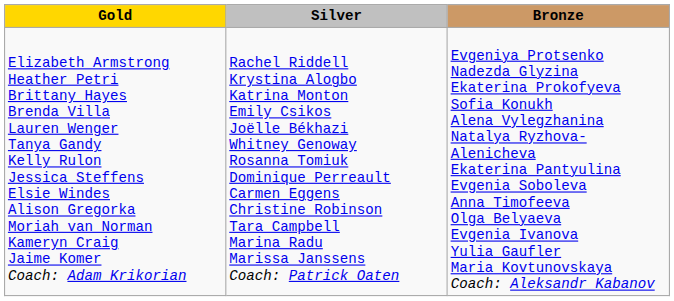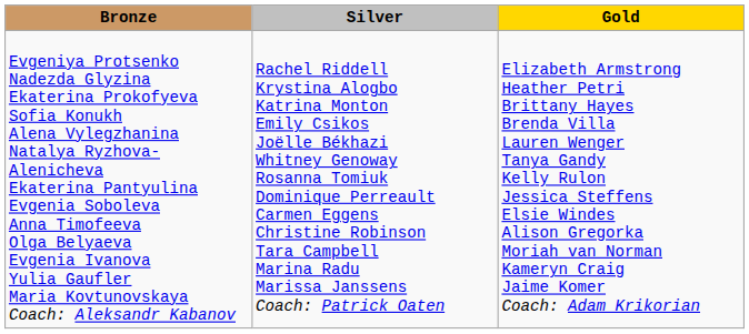 <table class="wikitable" style="text-align:left">
 <tr align="center">
+<td width=200 bgcolor=CC9966><strong>Bronze</strong></td>
+<td width=200 bgcolor=silver><strong>Silver</strong></td>
 <td width=200 bgcolor=gold><strong>Gold</strong></td>
-<td width=200 bgcolor=silver><strong>Silver</strong></td>
-<td width=200 bgcolor=CC9966><strong>Bronze</strong></td>
 </tr>
 <tr>
+<td><br><a href='#'>Evgeniya Protsenko</a><br><a href='#'>Nadezda Glyzina</a><br><a href='#'>Ekaterina Prokofyeva</a><br><a href='#'>Sofia Konukh</a><br><a href='#'>Alena Vylegzhanina</a><br><a href='#'>Natalya Ryzhova-Alenicheva</a><br><a href='#'>Ekaterina Pantyulina</a><br><a href='#'>Evgenia Soboleva</a><br><a href='#'>Anna Timofeeva</a><br><a href='#'>Olga Belyaeva</a><br><a href='#'>Evgenia Ivanova</a><br><a href='#'>Yulia Gaufler</a><br><a href='#'>Maria Kovtunovskaya</a><br><em>Coach: <a href='#'>Aleksandr Kabanov</a></em></td>
+<td><br><a href='#'>Rachel Riddell</a><br><a href='#'>Krystina Alogbo</a><br><a href='#'>Katrina Monton</a><br><a href='#'>Emily Csikos</a><br><a href='#'>Joëlle Békhazi</a><br><a href='#'>Whitney Genoway</a><br><a href='#'>Rosanna Tomiuk</a><br><a href='#'>Dominique Perreault</a><br><a href='#'>Carmen Eggens</a><br><a href='#'>Christine Robinson</a><br><a href='#'>Tara Campbell</a><br><a href='#'>Marina Radu</a><br><a href='#'>Marissa Janssens</a><br><em>Coach: <a href='#'>Patrick Oaten</a></em></td>
 <td><br><a href='#'>Elizabeth Armstrong</a><br><a href='#'>Heather Petri</a><br><a href='#'>Brittany Hayes</a><br><a href='#'>Brenda Villa</a><br><a href='#'>Lauren Wenger</a><br><a href='#'>Tanya Gandy</a><br><a href='#'>Kelly Rulon</a><br><a href='#'>Jessica Steffens</a><br><a href='#'>Elsie Windes</a><br><a href='#'>Alison Gregorka</a><br><a href='#'>Moriah van Norman</a><br><a href='#'>Kameryn Craig</a><br><a href='#'>Jaime Komer</a><br><em>Coach: <a href='#'>Adam Krikorian</a></em></td>
-<td><br><a href='#'>Rachel Riddell</a><br><a href='#'>Krystina Alogbo</a><br><a href='#'>Katrina Monton</a><br><a href='#'>Emily Csikos</a><br><a href='#'>Joëlle Békhazi</a><br><a href='#'>Whitney Genoway</a><br><a href='#'>Rosanna Tomiuk</a><br><a href='#'>Dominique Perreault</a><br><a href='#'>Carmen Eggens</a><br><a href='#'>Christine Robinson</a><br><a href='#'>Tara Campbell</a><br><a href='#'>Marina Radu</a><br><a href='#'>Marissa Janssens</a><br><em>Coach: <a href='#'>Patrick Oaten</a></em></td>
-<td><br><a href='#'>Evgeniya Protsenko</a><br><a href='#'>Nadezda Glyzina</a><br><a href='#'>Ekaterina Prokofyeva</a><br><a href='#'>Sofia Konukh</a><br><a href='#'>Alena Vylegzhanina</a><br><a href='#'>Natalya Ryzhova-Alenicheva</a><br><a href='#'>Ekaterina Pantyulina</a><br><a href='#'>Evgenia Soboleva</a><br><a href='#'>Anna Timofeeva</a><br><a href='#'>Olga Belyaeva</a><br><a href='#'>Evgenia Ivanova</a><br><a href='#'>Yulia Gaufler</a><br><a href='#'>Maria Kovtunovskaya</a><br><em>Coach: <a href='#'>Aleksandr Kabanov</a></em></td>
 </tr>
 </table>
